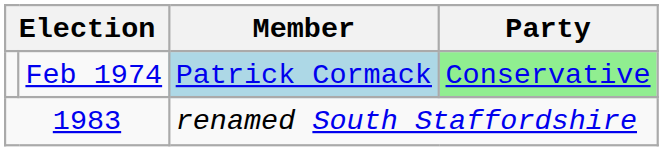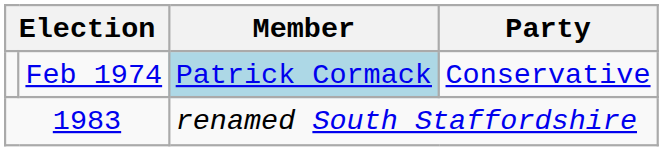 <table class="wikitable">
 <tr>
 <th colspan="2">Election</th>
 <th>Member</th>
 <th>Party</th>
 </tr>
 <tr>
 <td style="color:inherit;background-color: "></td>
 <td><a href='#'>Feb 1974</a></td>
 <td style="background: lightblue;"><a href='#'>Patrick Cormack</a></td>
-<td style="background: lightgreen;"><a href='#'>Conservative</a></td>
+<td><a href='#'>Conservative</a></td>
 </tr>
 <tr>
 <td colspan="2" align="center"><a href='#'>1983</a></td>
 <td colspan="2"><em>renamed <a href='#'>South Staffordshire</a></em></td>
 </tr>
 </table>
